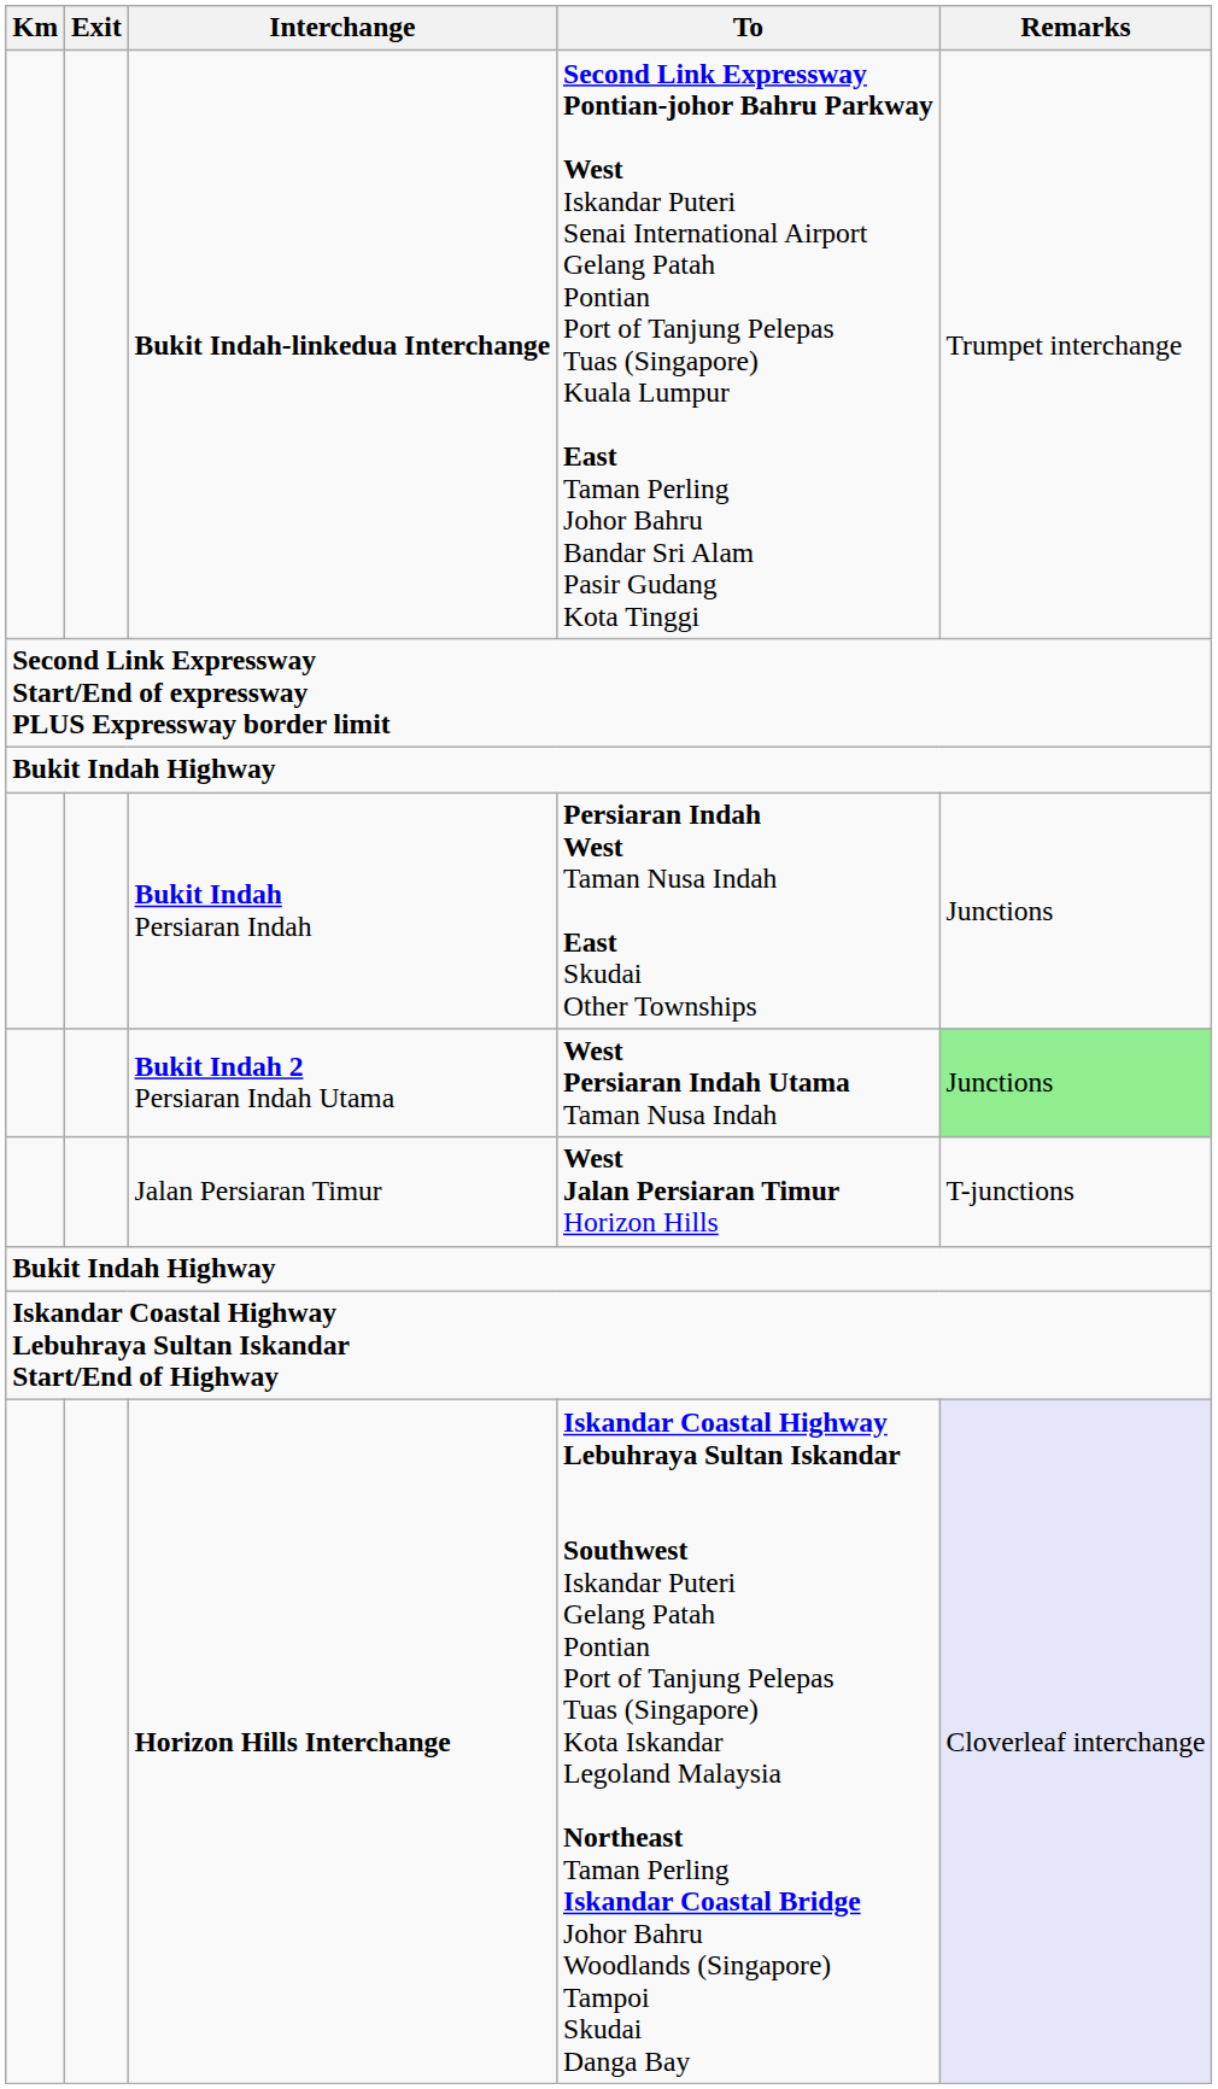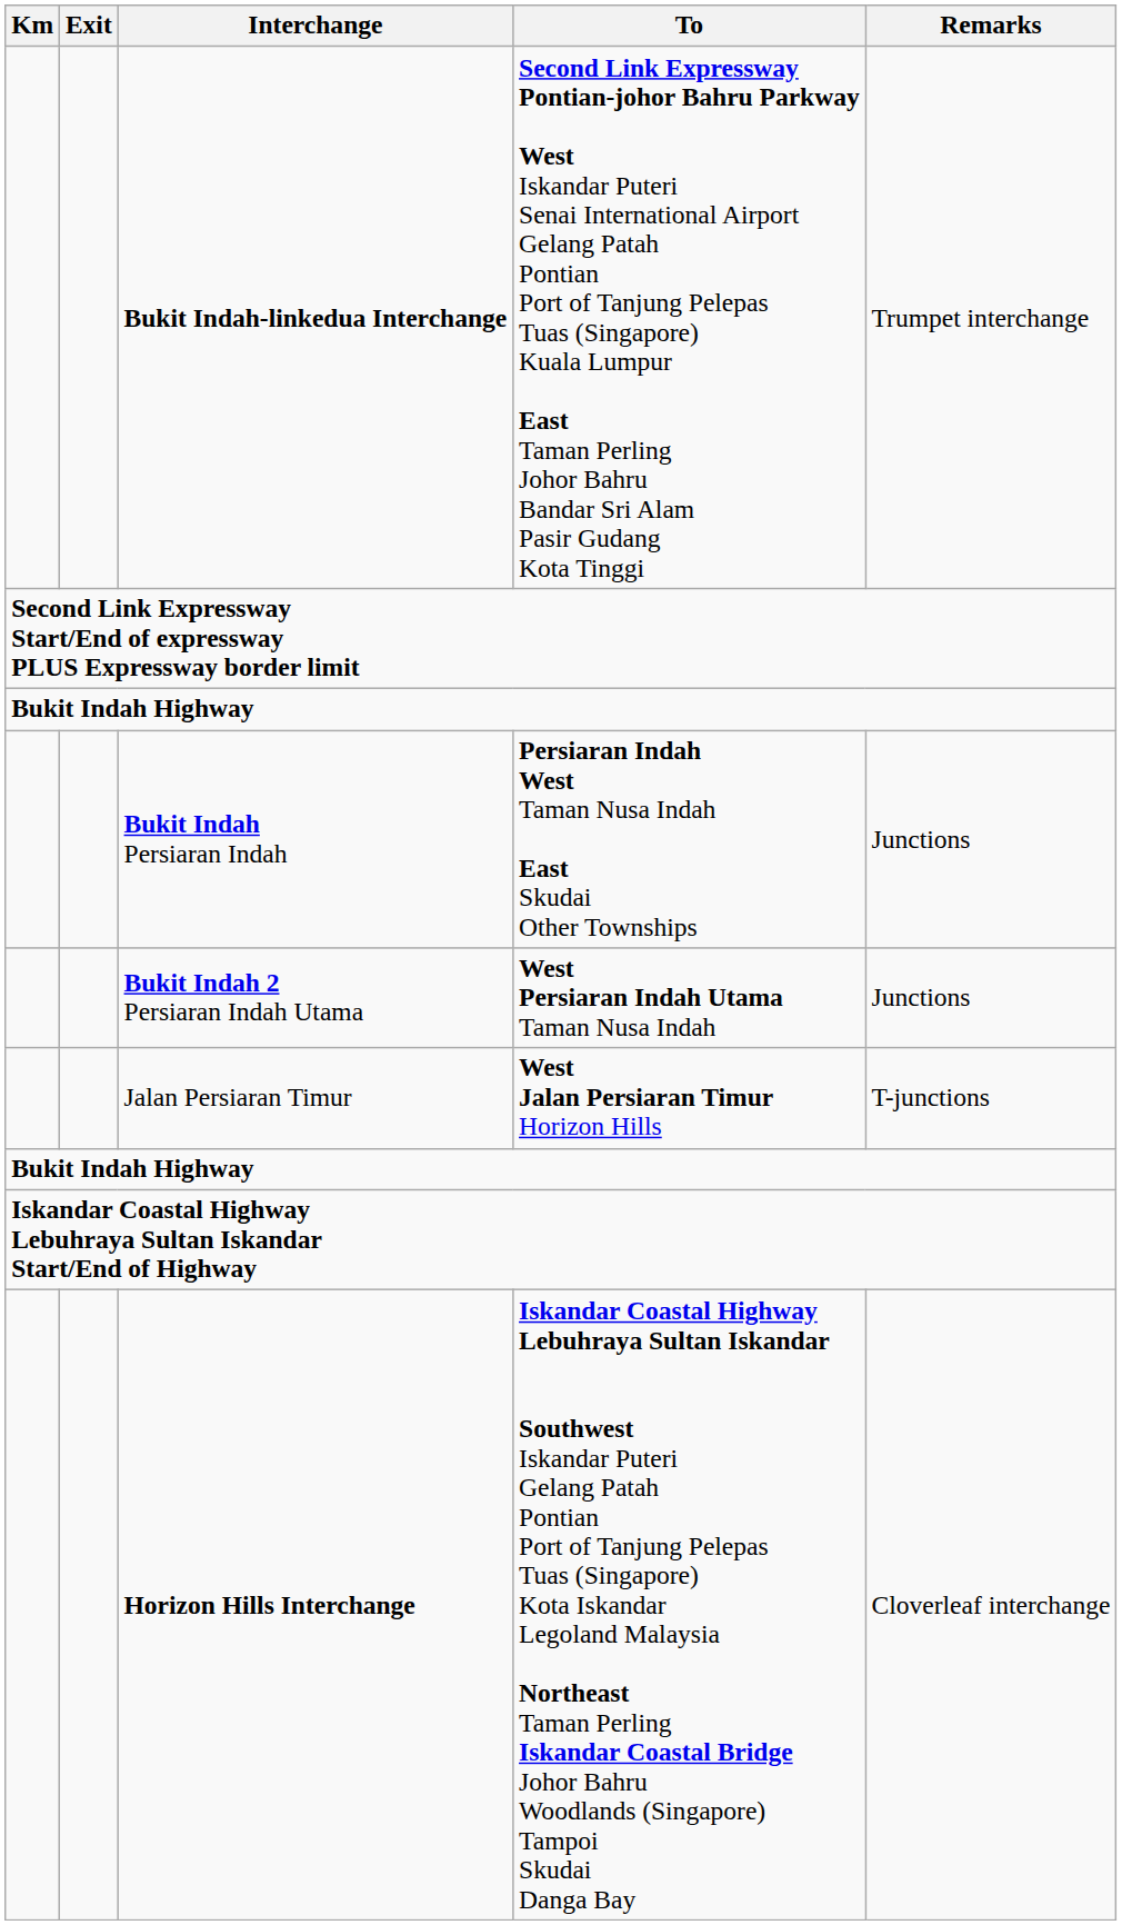 <table class="wikitable">
 <tr>
 <th>Km</th>
 <th>Exit</th>
 <th>Interchange</th>
 <th>To</th>
 <th>Remarks</th>
 </tr>
 <tr>
 <td></td>
 <td></td>
 <td><strong>Bukit Indah-linkedua Interchange</strong></td>
 <td>  <strong><a href='#'>Second Link Expressway</a></strong><br><strong>Pontian-johor Bahru Parkway</strong><br><br><strong>West</strong><br>  Iskandar Puteri<br> Senai International Airport <br>  Gelang Patah<br> Pontian<br> Port of Tanjung Pelepas <br>  Tuas (Singapore)<br>  Kuala Lumpur<br><br><strong>East</strong><br> Taman Perling<br> Johor Bahru<br> Bandar Sri Alam<br> Pasir Gudang<br>  Kota Tinggi</td>
 <td>Trumpet interchange</td>
 </tr>
 <tr>
 <td style="width:600px" colspan="6" style="text-align:center; background:green;"><strong><span>  Second Link Expressway<br>Start/End of expressway<br>PLUS Expressway border limit</span></strong></td>
 </tr>
 <tr>
 <td style="width:600px" colspan="6" style="text-align:center; background:blue;"><strong><span>Bukit Indah Highway</span></strong></td>
 </tr>
 <tr>
 <td></td>
 <td></td>
 <td><strong><a href='#'>Bukit Indah</a></strong><br>Persiaran Indah</td>
 <td><strong>Persiaran Indah</strong><br><strong>West</strong><br>Taman Nusa Indah<br><br><strong>East</strong><br>Skudai<br>Other Townships</td>
 <td>Junctions</td>
 </tr>
 <tr>
 <td></td>
 <td></td>
 <td><strong><a href='#'>Bukit Indah 2</a></strong><br>Persiaran Indah Utama</td>
 <td><strong>West</strong><br><strong>Persiaran Indah Utama</strong><br>Taman Nusa Indah</td>
-<td style="background: lightgreen;">Junctions</td>
+<td>Junctions</td>
 </tr>
 <tr>
 <td></td>
 <td></td>
 <td>Jalan Persiaran Timur</td>
 <td><strong>West</strong><br><strong>Jalan Persiaran Timur</strong><br><a href='#'>Horizon Hills</a></td>
 <td>T-junctions</td>
 </tr>
 <tr>
 <td style="width:600px" colspan="6" style="text-align:center; background:blue;"><strong><span>Bukit Indah Highway</span></strong></td>
 </tr>
 <tr>
 <td style="width:600px" colspan="6" style="text-align:center; background:blue;"><strong><span> Iskandar Coastal Highway<br>Lebuhraya Sultan Iskandar<br>Start/End of Highway</span></strong></td>
 </tr>
 <tr>
 <td></td>
 <td></td>
 <td><strong>Horizon Hills Interchange</strong></td>
 <td> <strong><a href='#'>Iskandar Coastal Highway</a></strong><br><strong>Lebuhraya Sultan Iskandar</strong><br><br><br><strong>Southwest</strong><br> Iskandar Puteri<br> Gelang Patah<br> Pontian<br> Port of Tanjung Pelepas <br>  Tuas (Singapore)<br>Kota Iskandar<br>Legoland Malaysia<br><br><strong>Northeast</strong><br> Taman Perling<br> <strong><a href='#'>Iskandar Coastal Bridge</a></strong><br> Johor Bahru<br> Woodlands (Singapore)<br> Tampoi<br> Skudai<br>Danga Bay</td>
-<td style="background: lavender;">Cloverleaf interchange</td>
+<td>Cloverleaf interchange</td>
 </tr>
 </table>
